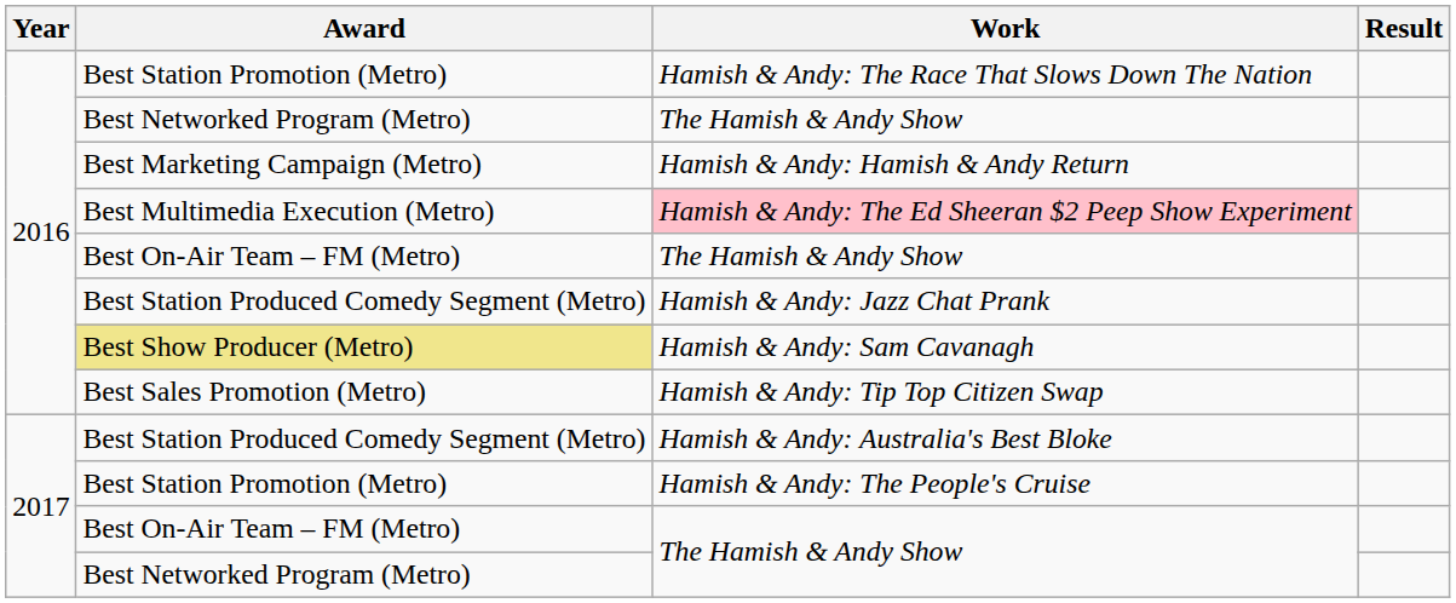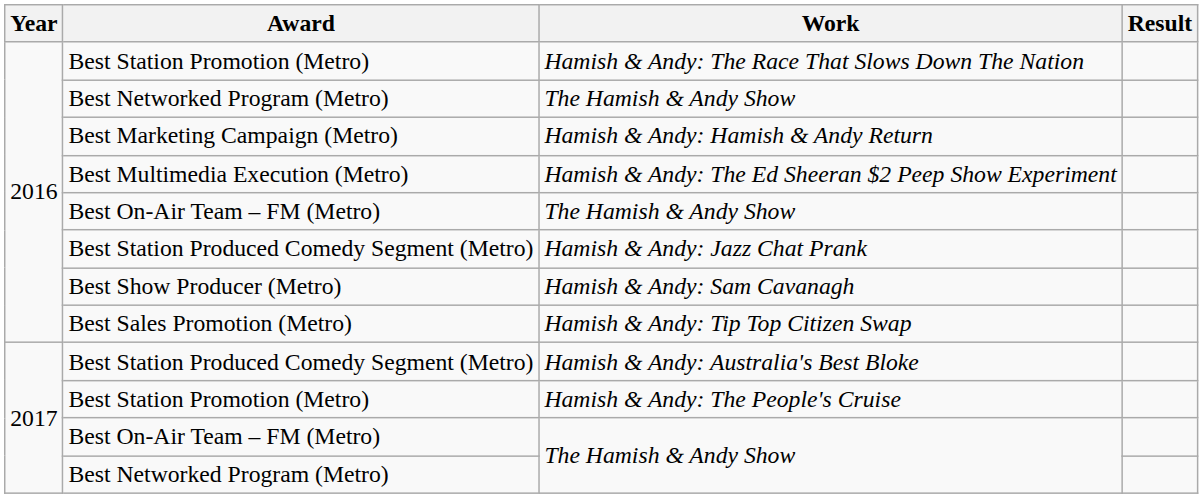 <table class="wikitable">
 <tr>
 <th>Year</th>
 <th>Award</th>
 <th>Work</th>
 <th>Result</th>
 </tr>
 <tr>
 <td rowspan="8">2016</td>
 <td>Best Station Promotion (Metro)</td>
 <td><em>Hamish & Andy: The Race That Slows Down The Nation</em></td>
 <td></td>
 </tr>
 <tr>
 <td>Best Networked Program (Metro)</td>
 <td><em>The Hamish & Andy Show</em></td>
 <td></td>
 </tr>
 <tr>
 <td>Best Marketing Campaign (Metro)</td>
 <td><em>Hamish & Andy: Hamish & Andy Return</em></td>
 <td></td>
 </tr>
 <tr>
 <td>Best Multimedia Execution (Metro)</td>
-<td style="background: pink;"><em>Hamish & Andy: The Ed Sheeran $2 Peep Show Experiment</em></td>
+<td><em>Hamish & Andy: The Ed Sheeran $2 Peep Show Experiment</em></td>
 <td></td>
 </tr>
 <tr>
 <td>Best On-Air Team – FM (Metro)</td>
 <td><em>The Hamish & Andy Show</em></td>
 <td></td>
 </tr>
 <tr>
 <td>Best Station Produced Comedy Segment (Metro)</td>
 <td><em>Hamish & Andy: Jazz Chat Prank</em></td>
 <td></td>
 </tr>
 <tr>
-<td style="background: khaki;">Best Show Producer (Metro)</td>
+<td>Best Show Producer (Metro)</td>
 <td><em>Hamish & Andy: Sam Cavanagh</em></td>
 <td></td>
 </tr>
 <tr>
 <td>Best Sales Promotion (Metro)</td>
 <td><em>Hamish & Andy: Tip Top Citizen Swap</em></td>
 <td></td>
 </tr>
 <tr>
 <td rowspan="4">2017</td>
 <td>Best Station Produced Comedy Segment (Metro)</td>
 <td><em>Hamish & Andy: Australia's Best Bloke</em></td>
 <td></td>
 </tr>
 <tr>
 <td>Best Station Promotion (Metro)</td>
 <td><em>Hamish & Andy: The People's Cruise</em></td>
 <td></td>
 </tr>
 <tr>
 <td>Best On-Air Team – FM (Metro)</td>
 <td rowspan="2"><em>The Hamish & Andy Show</em></td>
 <td></td>
 </tr>
 <tr>
 <td>Best Networked Program (Metro)</td>
 <td></td>
 </tr>
 </table>
